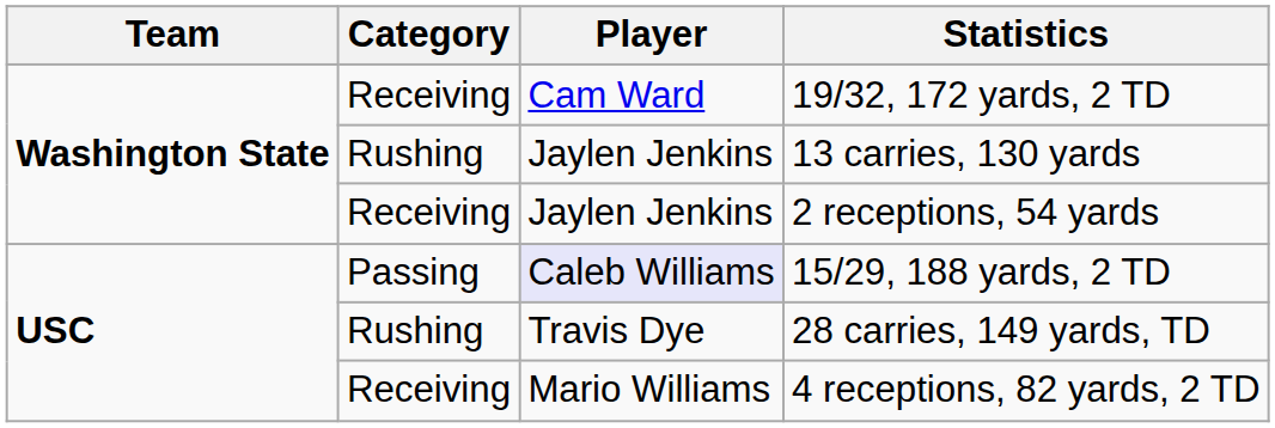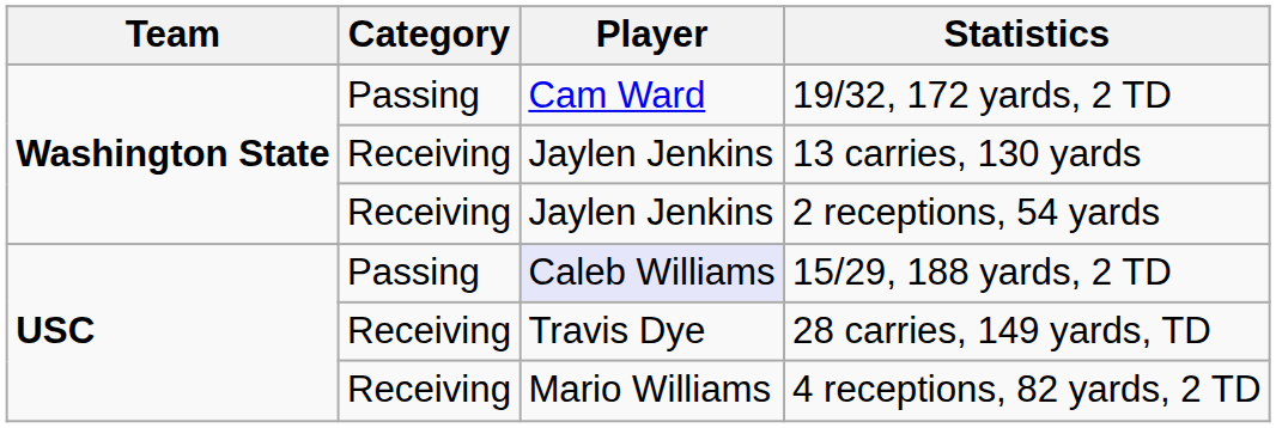 <table class="wikitable" style="float: right;">
 <tr>
 <th>Team</th>
 <th>Category</th>
 <th>Player</th>
 <th>Statistics</th>
 </tr>
 <tr>
 <td rowspan=3><strong>Washington State</strong></td>
-<td>Receiving</td>
+<td>Passing</td>
 <td><a href='#'>Cam Ward</a></td>
 <td>19/32, 172 yards, 2 TD</td>
 </tr>
 <tr>
-<td>Rushing</td>
+<td>Receiving</td>
 <td>Jaylen Jenkins</td>
 <td>13 carries, 130 yards</td>
 </tr>
 <tr>
 <td>Receiving</td>
 <td>Jaylen Jenkins</td>
 <td>2 receptions, 54 yards</td>
 </tr>
 <tr>
 <td rowspan=3><strong>USC</strong></td>
 <td>Passing</td>
 <td style="background: lavender;">Caleb Williams</td>
 <td>15/29, 188 yards, 2 TD</td>
 </tr>
 <tr>
-<td>Rushing</td>
+<td>Receiving</td>
 <td>Travis Dye</td>
 <td>28 carries, 149 yards, TD</td>
 </tr>
 <tr>
 <td>Receiving</td>
 <td>Mario Williams</td>
 <td>4 receptions, 82 yards, 2 TD</td>
 </tr>
 </table>
